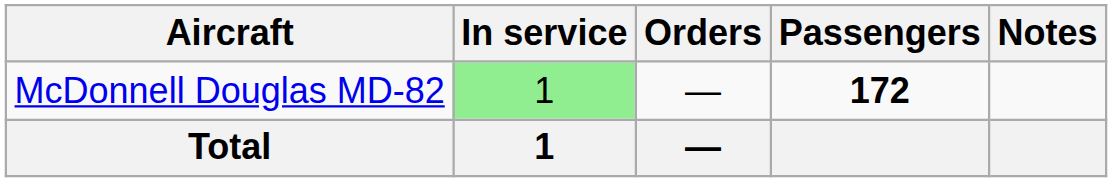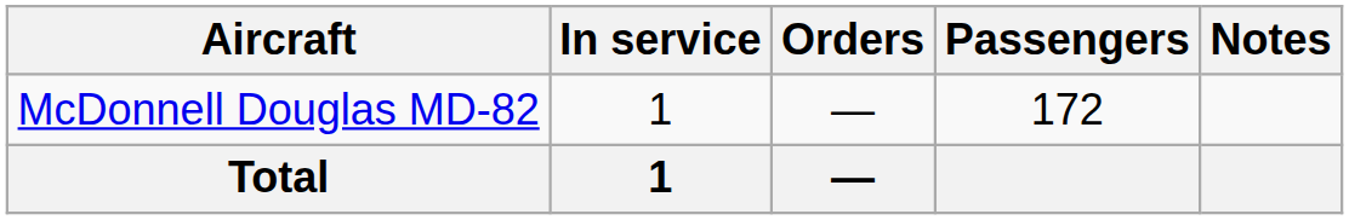 <table class="wikitable" style="text-align:center;margin:1em auto;">
 <tr bgcolor=white>
 <th>Aircraft</th>
 <th>In service</th>
 <th>Orders</th>
 <th>Passengers</th>
 <th>Notes</th>
 </tr>
 <tr>
 <td><a href='#'>McDonnell Douglas MD-82</a></td>
-<td style="background: lightgreen;">1</td>
+<td>1</td>
 <td>—</td>
-<td><strong>172</strong></td>
+<td>172</td>
 <td></td>
 </tr>
 <tr>
 <th>Total</th>
 <th>1</th>
 <th>—</th>
 <th></th>
 <th colspan="4"></th>
 </tr>
 </table>
